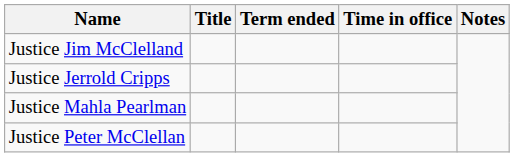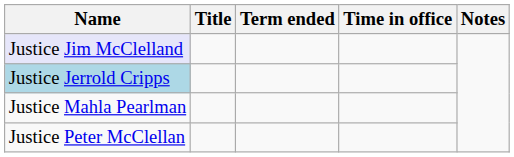 <table class="wikitable sortable">
 <tr>
 <th>Name</th>
 <th>Title</th>
 <th>Term ended</th>
 <th>Time in office</th>
 <th>Notes</th>
 </tr>
 <tr>
-<td>Justice <a href='#'>Jim McClelland</a></td>
+<td style="background: lavender;">Justice <a href='#'>Jim McClelland</a></td>
 <td></td>
 <td></td>
 <td align=right></td>
 <td rowspan=4></td>
 </tr>
 <tr>
-<td>Justice <a href='#'>Jerrold Cripps</a></td>
+<td style="background: lightblue;">Justice <a href='#'>Jerrold Cripps</a></td>
 <td></td>
 <td></td>
 <td align=right></td>
 </tr>
 <tr>
 <td>Justice <a href='#'>Mahla Pearlman</a> </td>
 <td></td>
 <td></td>
 <td align=right></td>
 </tr>
 <tr>
 <td>Justice <a href='#'>Peter McClellan</a></td>
 <td></td>
 <td></td>
 <td align=right></td>
 </tr>
 </table>
